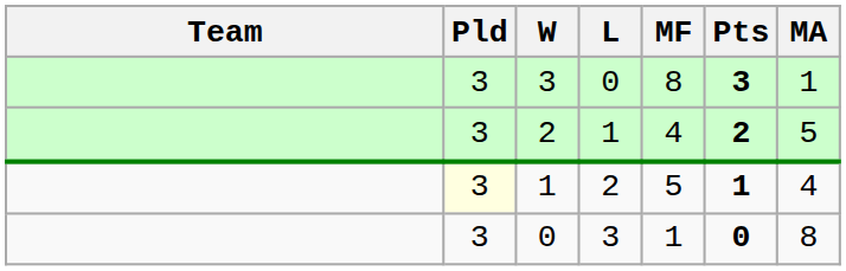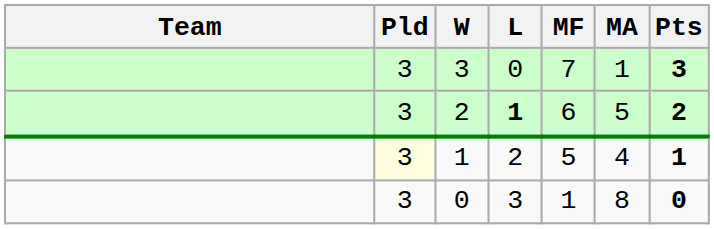 <table class=wikitable style="text-align:center">
 <tr>
 <th width=175>Team</th>
 <th width=20>Pld</th>
 <th width=20>W</th>
 <th width=20>L</th>
 <th width=20>MF</th>
+<th width=20>MA</th>
 <th width=20>Pts</th>
-<th width=20>MA</th>
 </tr>
 <tr bgcolor=ccffcc>
 <td style="text-align:left"></td>
 <td>3</td>
 <td>3</td>
 <td>0</td>
-<td>8</td>
+<td>7</td>
+<td>1</td>
 <td><strong>3</strong></td>
-<td>1</td>
 </tr>
 <tr bgcolor=ccffcc style="border-bottom:2px solid green;">
 <td style="text-align:left"></td>
 <td>3</td>
 <td>2</td>
-<td>1</td>
-<td>4</td>
+<td><strong>1</strong></td>
+<td>6</td>
+<td>5</td>
 <td><strong>2</strong></td>
-<td>5</td>
 </tr>
 <tr>
 <td style="text-align:left"></td>
 <td style="background: lightyellow;">3</td>
 <td>1</td>
 <td>2</td>
 <td>5</td>
+<td>4</td>
 <td><strong>1</strong></td>
-<td>4</td>
 </tr>
 <tr>
 <td style="text-align:left"></td>
 <td>3</td>
 <td>0</td>
 <td>3</td>
 <td>1</td>
+<td>8</td>
 <td><strong>0</strong></td>
-<td>8</td>
 </tr>
 </table>
